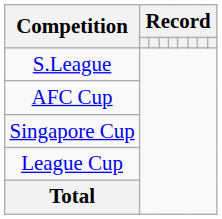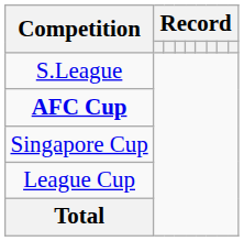 <table class="wikitable" style="text-align: center">
 <tr>
 <th rowspan=2>Competition</th>
 <th colspan=8>Record</th>
 </tr>
 <tr>
 <th></th>
 <th></th>
 <th></th>
 <th></th>
 <th></th>
 <th></th>
 <th></th>
 <th></th>
 </tr>
 <tr>
 <td><a href='#'>S.League</a><br></td>
 </tr>
 <tr>
-<td><a href='#'>AFC Cup</a><br></td>
+<td><strong><a href='#'>AFC Cup</a><br></strong></td>
 </tr>
 <tr>
 <td><a href='#'>Singapore Cup</a><br></td>
 </tr>
 <tr>
 <td><a href='#'>League Cup</a><br></td>
 </tr>
 <tr>
 <th>Total<br></th>
 </tr>
 </table>
